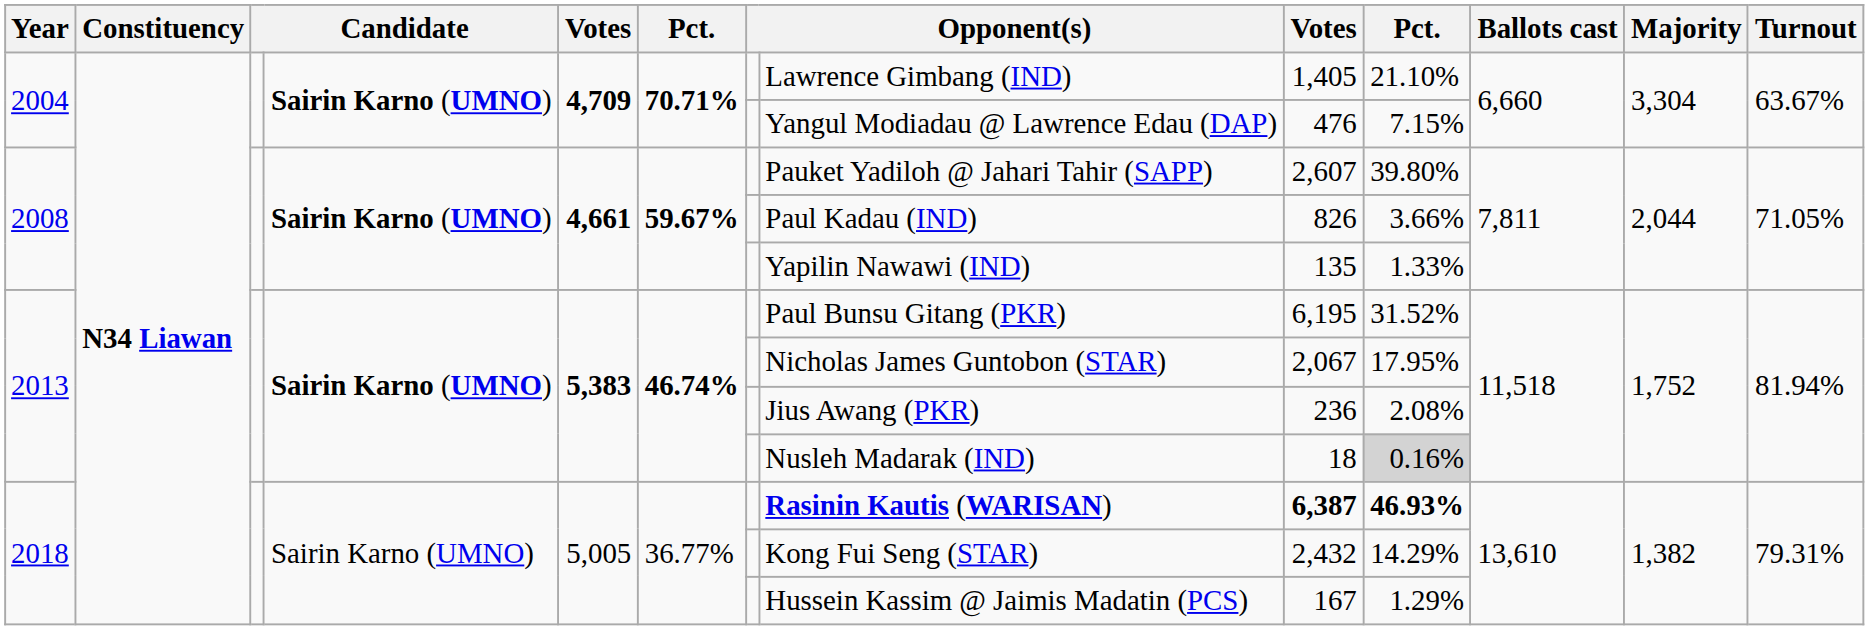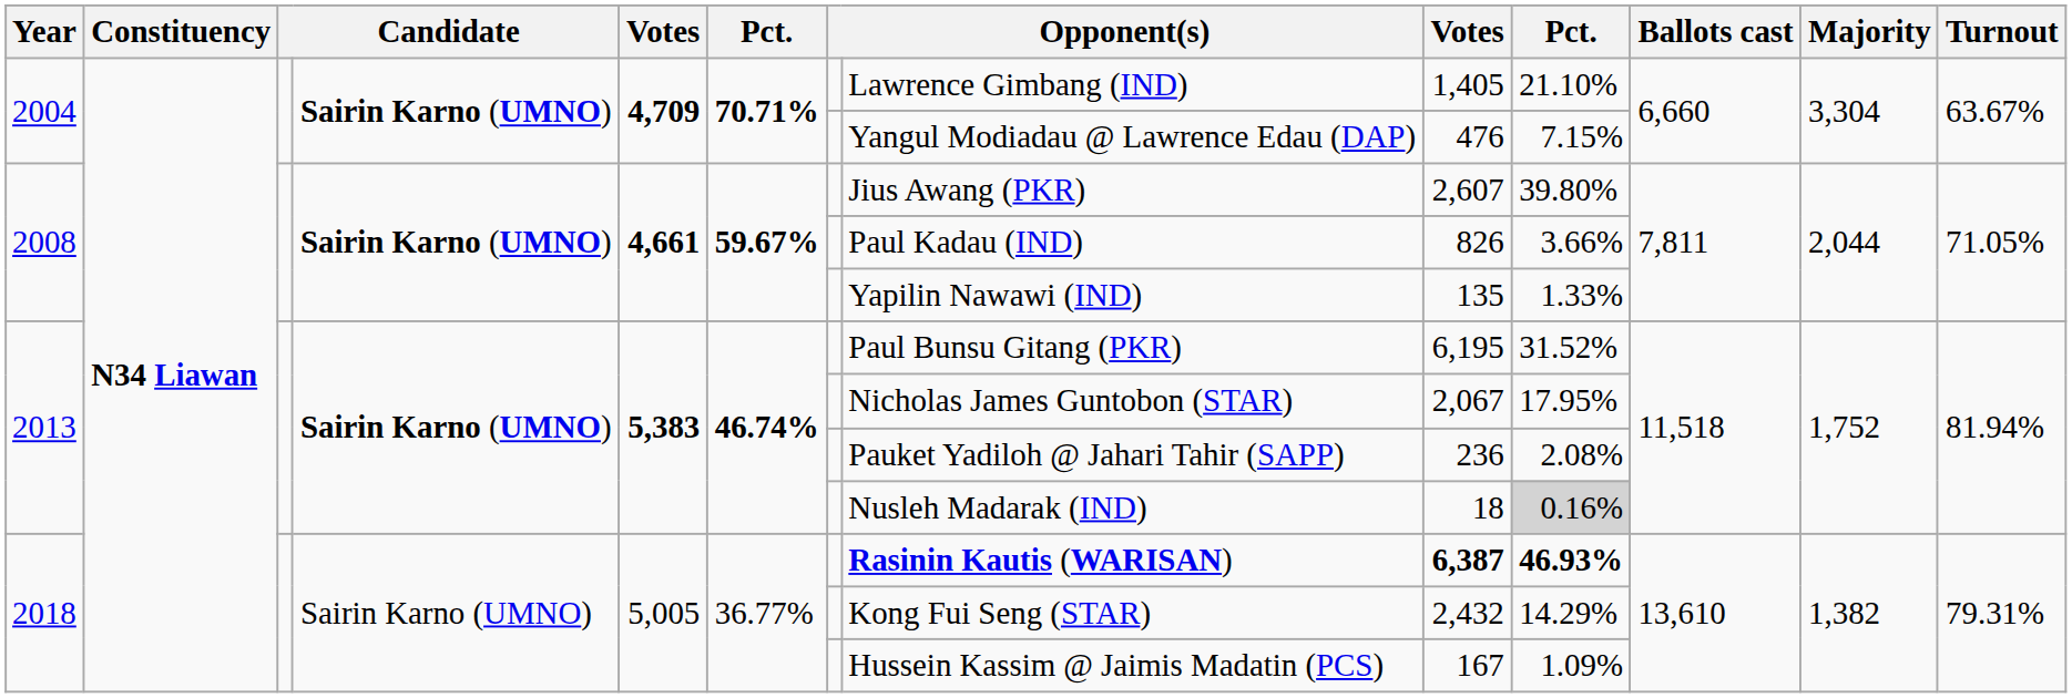 <table class="wikitable" style="margin:0.5em ; font-size:95%">
 <tr>
 <th>Year</th>
 <th>Constituency</th>
 <th colspan="2">Candidate</th>
 <th>Votes</th>
 <th>Pct.</th>
 <th colspan="2">Opponent(s)</th>
 <th>Votes</th>
 <th>Pct.</th>
 <th>Ballots cast</th>
 <th>Majority</th>
 <th>Turnout</th>
 </tr>
 <tr>
 <td rowspan="2"><a href='#'>2004</a></td>
 <td rowspan="12"><strong>N34 <a href='#'>Liawan</a></strong></td>
 <td rowspan="2" ></td>
 <td rowspan="2"><strong>Sairin Karno</strong> (<a href='#'><strong>UMNO</strong></a>)</td>
 <td rowspan="2" align=right><strong>4,709</strong></td>
 <td rowspan="2"><strong>70.71%</strong></td>
 <td></td>
 <td>Lawrence Gimbang (<a href='#'>IND</a>)</td>
 <td align=right>1,405</td>
 <td>21.10%</td>
 <td rowspan="2">6,660</td>
 <td rowspan="2">3,304</td>
 <td rowspan="2">63.67%</td>
 </tr>
 <tr>
 <td></td>
 <td>Yangul Modiadau @ Lawrence Edau (<a href='#'>DAP</a>)</td>
 <td align=right>476</td>
 <td align=right>7.15%</td>
 </tr>
 <tr>
 <td rowspan="3"><a href='#'>2008</a></td>
 <td rowspan="3" ></td>
 <td rowspan="3"><strong>Sairin Karno</strong> (<a href='#'><strong>UMNO</strong></a>)</td>
 <td rowspan="3" align=right><strong>4,661</strong></td>
 <td rowspan="3"><strong>59.67%</strong></td>
 <td></td>
-<td>Pauket Yadiloh @ Jahari Tahir (<a href='#'>SAPP</a>)</td>
+<td>Jius Awang (<a href='#'>PKR</a>)</td>
 <td align=right>2,607</td>
 <td>39.80%</td>
 <td rowspan="3">7,811</td>
 <td rowspan="3">2,044</td>
 <td rowspan="3">71.05%</td>
 </tr>
 <tr>
 <td></td>
 <td>Paul Kadau (<a href='#'>IND</a>)</td>
 <td align=right>826</td>
 <td align=right>3.66%</td>
 </tr>
 <tr>
 <td></td>
 <td>Yapilin Nawawi (<a href='#'>IND</a>)</td>
 <td align=right>135</td>
 <td align=right>1.33%</td>
 </tr>
 <tr>
 <td rowspan="4"><a href='#'>2013</a></td>
 <td rowspan="4" ></td>
 <td rowspan="4"><strong>Sairin Karno</strong> (<a href='#'><strong>UMNO</strong></a>)</td>
 <td rowspan="4" align=right><strong>5,383</strong></td>
 <td rowspan="4"><strong>46.74%</strong></td>
 <td></td>
 <td>Paul Bunsu Gitang (<a href='#'>PKR</a>)</td>
 <td align=right>6,195</td>
 <td>31.52%</td>
 <td rowspan="4">11,518</td>
 <td rowspan="4">1,752</td>
 <td rowspan="4">81.94%</td>
 </tr>
 <tr>
 <td bgcolor = ></td>
 <td>Nicholas James Guntobon (<a href='#'>STAR</a>)</td>
 <td align=right>2,067</td>
 <td>17.95%</td>
 </tr>
 <tr>
 <td bgcolor = ></td>
-<td>Jius Awang (<a href='#'>PKR</a>)</td>
+<td>Pauket Yadiloh @ Jahari Tahir (<a href='#'>SAPP</a>)</td>
 <td align=right>236</td>
 <td align=right>2.08%</td>
 </tr>
 <tr>
 <td></td>
 <td>Nusleh Madarak (<a href='#'>IND</a>)</td>
 <td align=right>18</td>
 <td align=right style="background: lightgrey;">0.16%</td>
 </tr>
 <tr>
 <td rowspan="3"><a href='#'>2018</a></td>
 <td rowspan="3" ></td>
 <td rowspan="3">Sairin Karno (<a href='#'>UMNO</a>)</td>
 <td rowspan="3" align=right>5,005</td>
 <td rowspan="3">36.77%</td>
 <td></td>
 <td><strong><a href='#'>Rasinin Kautis</a></strong> (<a href='#'><strong>WARISAN</strong></a>)</td>
 <td align=right><strong>6,387</strong></td>
 <td><strong>46.93%</strong></td>
 <td rowspan="3">13,610</td>
 <td rowspan="3">1,382</td>
 <td rowspan="3">79.31%</td>
 </tr>
 <tr>
 <td bgcolor = ></td>
 <td>Kong Fui Seng (<a href='#'>STAR</a>)</td>
 <td align=right>2,432</td>
 <td>14.29%</td>
 </tr>
 <tr>
 <td bgcolor= ></td>
 <td>Hussein Kassim @ Jaimis Madatin (<a href='#'>PCS</a>)</td>
 <td align=right>167</td>
-<td align=right>1.29%</td>
+<td align=right>1.09%</td>
 </tr>
 </table>
